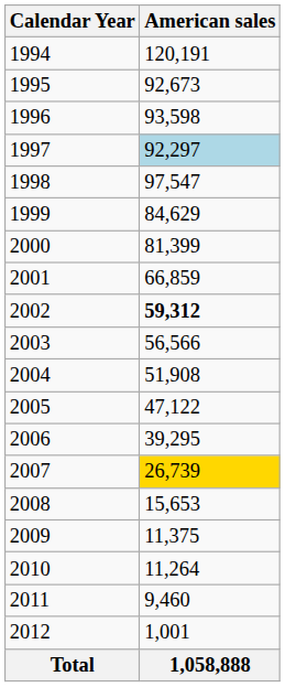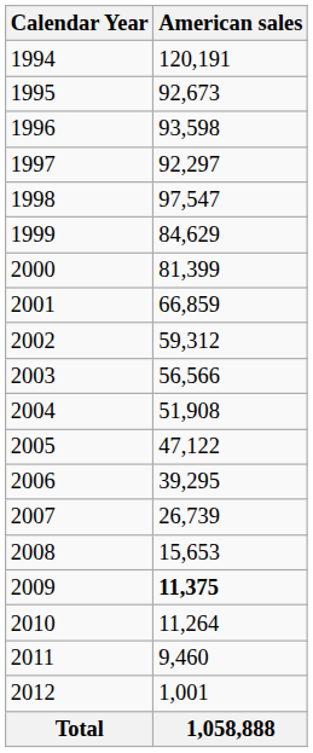 <table class="wikitable">
 <tr>
 <th>Calendar Year</th>
 <th>American sales</th>
 </tr>
 <tr>
 <td>1994</td>
 <td>120,191</td>
 </tr>
 <tr>
 <td>1995</td>
 <td>92,673</td>
 </tr>
 <tr>
 <td>1996</td>
 <td>93,598</td>
 </tr>
 <tr>
 <td>1997</td>
-<td style="background: lightblue;">92,297</td>
+<td>92,297</td>
 </tr>
 <tr>
 <td>1998</td>
 <td>97,547</td>
 </tr>
 <tr>
 <td>1999</td>
 <td>84,629</td>
 </tr>
 <tr>
 <td>2000</td>
 <td>81,399</td>
 </tr>
 <tr>
 <td>2001</td>
 <td>66,859</td>
 </tr>
 <tr>
 <td>2002</td>
-<td><strong>59,312</strong></td>
+<td>59,312</td>
 </tr>
 <tr>
 <td>2003</td>
 <td>56,566</td>
 </tr>
 <tr>
 <td>2004</td>
 <td>51,908</td>
 </tr>
 <tr>
 <td>2005</td>
 <td>47,122</td>
 </tr>
 <tr>
 <td>2006</td>
 <td>39,295</td>
 </tr>
 <tr>
 <td>2007</td>
-<td style="background: gold;">26,739</td>
+<td>26,739</td>
 </tr>
 <tr>
 <td>2008</td>
 <td>15,653</td>
 </tr>
 <tr>
 <td>2009</td>
-<td>11,375</td>
+<td><strong>11,375</strong></td>
 </tr>
 <tr>
 <td>2010</td>
 <td>11,264</td>
 </tr>
 <tr>
 <td>2011</td>
 <td>9,460</td>
 </tr>
 <tr>
 <td>2012</td>
 <td>1,001</td>
 </tr>
 <tr>
 <th>Total</th>
 <th>1,058,888</th>
 </tr>
 </table>
